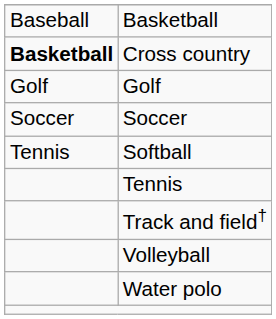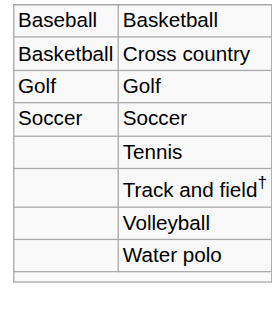 <table class="wikitable" style="float:right; clear:right; margin:0 0 1em 1em;">
 <tr>
 </tr>
 <tr>
 <td>Baseball</td>
 <td>Basketball</td>
 </tr>
 <tr>
-<td><strong>Basketball</strong></td>
+<td>Basketball</td>
 <td>Cross country</td>
 </tr>
 <tr>
 <td>Golf</td>
 <td>Golf</td>
 </tr>
 <tr>
 <td>Soccer</td>
 <td>Soccer</td>
-</tr>
-<tr>
-<td>Tennis</td>
-<td>Softball</td>
 </tr>
 <tr>
 <td></td>
 <td>Tennis</td>
 </tr>
 <tr>
 <td></td>
 <td>Track and field<sup>†</sup></td>
 </tr>
 <tr>
 <td></td>
 <td>Volleyball</td>
 </tr>
 <tr>
 <td></td>
 <td>Water polo</td>
 </tr>
 <tr>
 <td colspan="2"></td>
 </tr>
 </table>
